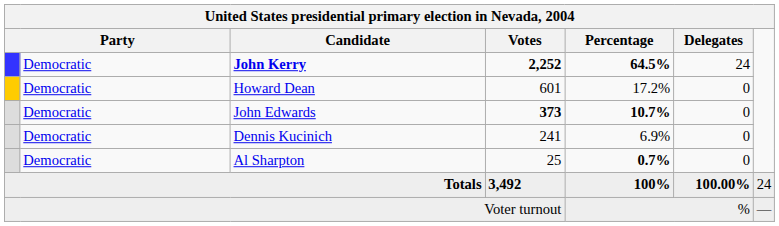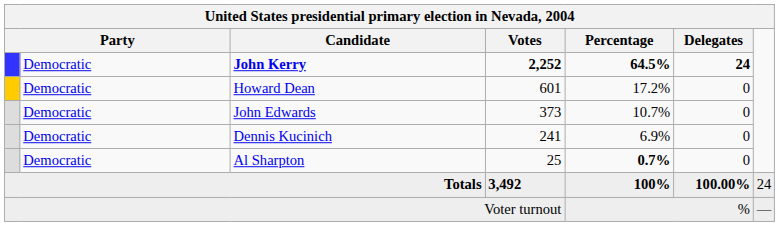 <table class="wikitable" style="font-size:95%;">
 <tr>
 <th colspan="7">United States presidential primary election in Nevada, 2004</th>
 </tr>
 <tr>
 <th colspan="2" style="width: 15em">Party</th>
 <th style="width: 17em">Candidate</th>
 <th style="width: 5em">Votes</th>
 <th style="width: 7em">Percentage</th>
 <th style="width: 5em">Delegates</th>
 </tr>
 <tr>
 <th style="background:#33f; width:3px;"></th>
 <td style="width: 130px"><a href='#'>Democratic</a></td>
 <td><strong><a href='#'>John Kerry</a></strong></td>
 <td style="text-align:right;"><strong>2,252</strong></td>
 <td style="text-align:right;"><strong>64.5%</strong></td>
-<td style="text-align:right;">24</td>
+<td style="text-align:right;"><strong>24</strong></td>
 </tr>
 <tr>
 <th style="background:#fc0; width:3px;"></th>
 <td style="width: 130px"><a href='#'>Democratic</a></td>
 <td><a href='#'>Howard Dean</a></td>
 <td style="text-align:right;">601</td>
 <td style="text-align:right;">17.2%</td>
 <td style="text-align:right;">0</td>
 </tr>
 <tr>
 <th style="background:#ddd; width:3px;"></th>
 <td style="width: 130px"><a href='#'>Democratic</a></td>
 <td><a href='#'>John Edwards</a></td>
-<td style="text-align:right;"><strong>373</strong></td>
-<td style="text-align:right;"><strong>10.7%</strong></td>
+<td style="text-align:right;">373</td>
+<td style="text-align:right;">10.7%</td>
 <td style="text-align:right;">0</td>
 </tr>
 <tr>
 <th style="background:#ddd; width:3px;"></th>
 <td style="width: 130px"><a href='#'>Democratic</a></td>
 <td><a href='#'>Dennis Kucinich</a></td>
 <td style="text-align:right;">241</td>
 <td style="text-align:right;">6.9%</td>
 <td style="text-align:right;">0</td>
 </tr>
 <tr>
 <th style="background:#ddd; width:3px;"></th>
 <td style="width: 130px"><a href='#'>Democratic</a></td>
 <td><a href='#'>Al Sharpton</a></td>
 <td style="text-align:right;">25</td>
 <td style="text-align:right;"><strong>0.7%</strong></td>
 <td style="text-align:right;">0</td>
 </tr>
 <tr style="background:#eee;">
 <td colspan="3" style="text-align:right;"><strong>Totals</strong></td>
 <td><strong>3,492</strong></td>
 <td style="text-align:right;"><strong>100%</strong></td>
 <td style="text-align:right;"><strong>100.00%</strong></td>
 <td style="text-align:right;">24</td>
 </tr>
 <tr style="background:#eee; text-align:right;">
 <td colspan="4">Voter turnout</td>
 <td colspan="2">%</td>
 <td>—</td>
 </tr>
 </table>
